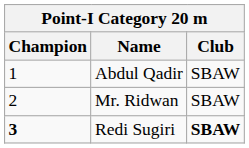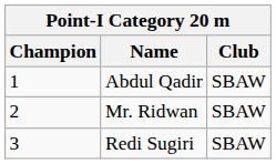 <table class="wikitable">
 <tr>
 <th colspan="3"><strong>Point-I Category 20 m</strong></th>
 </tr>
 <tr>
 <th>Champion</th>
 <th>Name</th>
 <th>Club</th>
 </tr>
 <tr>
 <td>1</td>
 <td>Abdul Qadir</td>
 <td>SBAW</td>
 </tr>
 <tr>
 <td>2</td>
 <td>Mr. Ridwan</td>
 <td>SBAW</td>
 </tr>
 <tr>
-<td><strong>3</strong></td>
+<td>3</td>
 <td>Redi Sugiri</td>
-<td><strong>SBAW</strong></td>
+<td>SBAW</td>
 </tr>
 </table>
